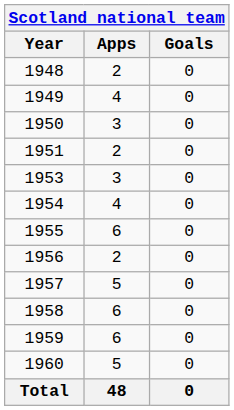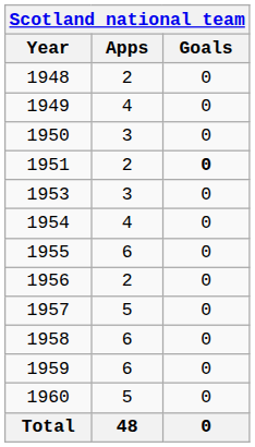 <table class="wikitable" style="text-align:center">
 <tr>
 <th colspan=3><a href='#'>Scotland national team</a></th>
 </tr>
 <tr>
 <th>Year</th>
 <th>Apps</th>
 <th>Goals</th>
 </tr>
 <tr>
 <td>1948</td>
 <td>2</td>
 <td>0</td>
 </tr>
 <tr>
 <td>1949</td>
 <td>4</td>
 <td>0</td>
 </tr>
 <tr>
 <td>1950</td>
 <td>3</td>
 <td>0</td>
 </tr>
 <tr>
 <td>1951</td>
 <td>2</td>
-<td>0</td>
+<td><strong>0</strong></td>
 </tr>
 <tr>
 <td>1953</td>
 <td>3</td>
 <td>0</td>
 </tr>
 <tr>
 <td>1954</td>
 <td>4</td>
 <td>0</td>
 </tr>
 <tr>
 <td>1955</td>
 <td>6</td>
 <td>0</td>
 </tr>
 <tr>
 <td>1956</td>
 <td>2</td>
 <td>0</td>
 </tr>
 <tr>
 <td>1957</td>
 <td>5</td>
 <td>0</td>
 </tr>
 <tr>
 <td>1958</td>
 <td>6</td>
 <td>0</td>
 </tr>
 <tr>
 <td>1959</td>
 <td>6</td>
 <td>0</td>
 </tr>
 <tr>
 <td>1960</td>
 <td>5</td>
 <td>0</td>
 </tr>
 <tr>
 <th>Total</th>
 <th>48</th>
 <th>0</th>
 </tr>
 </table>
